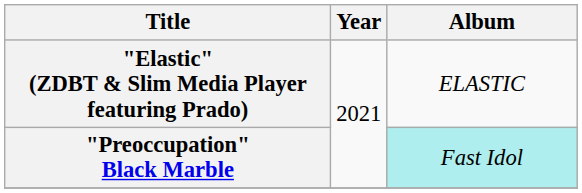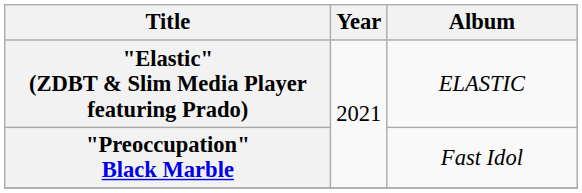 <table class="wikitable plainrowheaders" style="text-align:center;">
 <tr>
 <th scope="col" rowspan="1" style="width:14em;">Title</th>
 <th scope="col" rowspan="1" style="width:1em;">Year</th>
 <th scope="col" rowspan="1" style="width:8em;">Album</th>
 </tr>
 <tr>
 <th scope="row">"Elastic"<br><span>(ZDBT & Slim Media Player featuring Prado)</span></th>
 <td rowspan="2">2021</td>
 <td><em>ELASTIC</em></td>
 </tr>
 <tr>
 <th scope="row">"Preoccupation"<br><span><a href='#'>Black Marble</a></span></th>
-<td rowspan="1" style="background: paleturquoise;"><em>Fast Idol</em></td>
+<td rowspan="1"><em>Fast Idol</em></td>
 </tr>
 <tr>
 </tr>
 </table>
